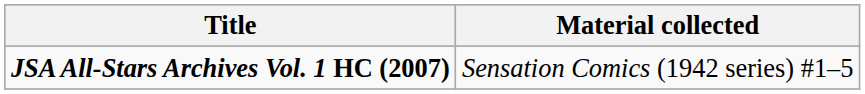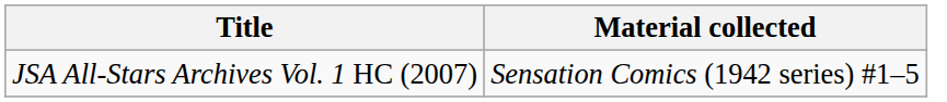 <table class="wikitable">
 <tr>
 <th>Title</th>
 <th>Material collected</th>
 </tr>
 <tr>
-<td valign="top"><strong><em>JSA All-Stars Archives Vol. 1</em> HC (2007)</strong></td>
+<td valign="top"><em>JSA All-Stars Archives Vol. 1</em> HC (2007)</td>
 <td valign="top"><em>Sensation Comics</em> (1942 series) #1–5</td>
 </tr>
 </table>
